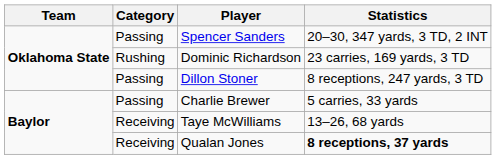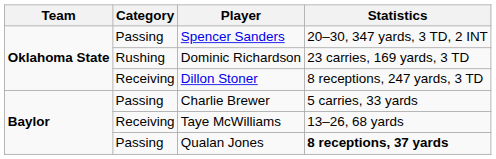 <table class="wikitable" style="float: right;">
 <tr>
 <th>Team</th>
 <th>Category</th>
 <th>Player</th>
 <th>Statistics</th>
 </tr>
 <tr>
 <td rowspan=3><strong>Oklahoma State</strong></td>
 <td>Passing</td>
 <td><a href='#'>Spencer Sanders</a></td>
 <td>20–30, 347 yards, 3 TD, 2 INT</td>
 </tr>
 <tr>
 <td>Rushing</td>
 <td>Dominic Richardson</td>
 <td>23 carries, 169 yards, 3 TD</td>
 </tr>
 <tr>
-<td>Passing</td>
+<td>Receiving</td>
 <td><a href='#'>Dillon Stoner</a></td>
 <td>8 receptions, 247 yards, 3 TD</td>
 </tr>
 <tr>
 <td rowspan=3><strong>Baylor</strong></td>
 <td>Passing</td>
 <td>Charlie Brewer</td>
 <td>5 carries, 33 yards</td>
 </tr>
 <tr>
 <td>Receiving</td>
 <td>Taye McWilliams</td>
 <td>13–26, 68 yards</td>
 </tr>
 <tr>
-<td>Receiving</td>
+<td>Passing</td>
 <td>Qualan Jones</td>
 <td><strong>8 receptions, 37 yards</strong></td>
 </tr>
 </table>
